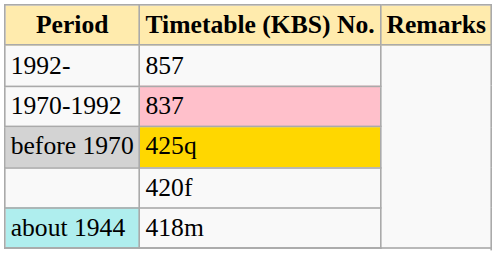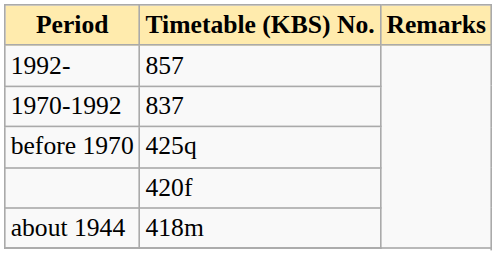 <table class="wikitable"  border=1>
 <tr>
 <th style="background: #FFEBAD;">Period</th>
 <th style="background: #FFEBAD;">Timetable (KBS) No.</th>
 <th style="background: #FFEBAD;">Remarks</th>
 </tr>
 <tr>
 <td>1992-</td>
 <td>857</td>
 </tr>
 <tr>
 <td>1970-1992</td>
-<td style="background: pink;">837</td>
+<td>837</td>
 </tr>
 <tr>
-<td style="background: lightgrey;">before 1970</td>
-<td style="background: gold;">425q</td>
+<td>before 1970</td>
+<td>425q</td>
 </tr>
 <tr>
 <td></td>
 <td>420f</td>
 </tr>
 <tr>
-<td style="background: paleturquoise;">about 1944</td>
+<td>about 1944</td>
 <td>418m</td>
 </tr>
 <tr>
 </tr>
 </table>
